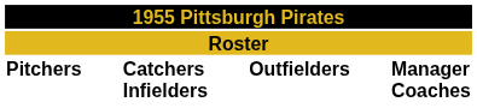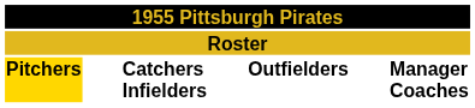 <table class="toccolours" style="font-size: 95%;">
 <tr>
 <th colspan="10" style="background-color: black; color: #e1b81e; text-align: center;">1955 Pittsburgh Pirates</th>
 </tr>
 <tr>
 <td colspan="10" style="background-color: #e1b81e; color: black; text-align: center;"><strong>Roster</strong></td>
 </tr>
 <tr>
-<td valign="top"><strong>Pitchers</strong><br>                  </td>
+<td valign="top" style="background: gold;"><strong>Pitchers</strong><br>                  </td>
 <td width="25px"></td>
 <td valign="top"><strong>Catchers</strong><br>    <strong>Infielders</strong>          </td>
 <td width="25px"></td>
 <td valign="top"><strong>Outfielders</strong><br>        </td>
 <td width="25px"></td>
 <td valign="top"><strong>Manager</strong><br> <strong>Coaches</strong>   </td>
 </tr>
 </table>
